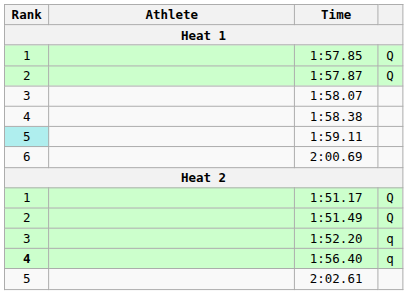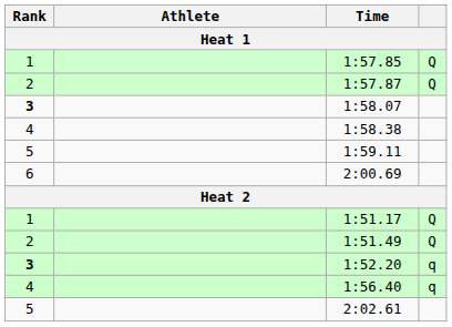 <table class=wikitable style="text-align:center">
 <tr>
 <th width=40>Rank</th>
 <th width=250>Athlete</th>
 <th width=80>Time</th>
 <th width=20></th>
 </tr>
 <tr>
 <th colspan=4>Heat 1</th>
 </tr>
 <tr bgcolor="ccffcc">
 <td>1</td>
 <td align=left></td>
 <td>1:57.85</td>
 <td>Q</td>
 </tr>
 <tr bgcolor="ccffcc">
 <td>2</td>
 <td align=left></td>
 <td>1:57.87</td>
 <td>Q</td>
 </tr>
 <tr>
-<td>3</td>
+<td><strong>3</strong></td>
 <td align=left></td>
 <td>1:58.07</td>
 <td></td>
 </tr>
 <tr>
 <td>4</td>
 <td align=left></td>
 <td>1:58.38</td>
 <td></td>
 </tr>
 <tr>
-<td style="background: paleturquoise;">5</td>
+<td>5</td>
 <td align=left></td>
 <td>1:59.11</td>
 <td></td>
 </tr>
 <tr>
 <td>6</td>
 <td align=left></td>
 <td>2:00.69</td>
 <td></td>
 </tr>
 <tr>
 <th colspan=4>Heat 2</th>
 </tr>
 <tr bgcolor="ccffcc">
 <td>1</td>
 <td align=left></td>
 <td>1:51.17</td>
 <td>Q</td>
 </tr>
 <tr bgcolor="ccffcc">
 <td>2</td>
 <td align=left></td>
 <td>1:51.49</td>
 <td>Q</td>
 </tr>
 <tr bgcolor="ccffcc">
-<td>3</td>
+<td><strong>3</strong></td>
 <td align=left></td>
 <td>1:52.20</td>
 <td>q</td>
 </tr>
 <tr bgcolor="ccffcc">
-<td><strong>4</strong></td>
+<td>4</td>
 <td align=left></td>
 <td>1:56.40</td>
 <td>q</td>
 </tr>
 <tr>
 <td>5</td>
 <td align=left></td>
 <td>2:02.61</td>
 <td></td>
 </tr>
 </table>
